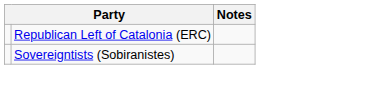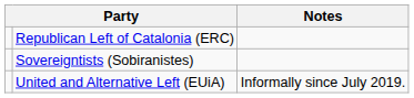 <table class="wikitable" style="text-align:left; font-size:95%;">
 <tr>
 <th colspan="2">Party</th>
 <th>Notes</th>
 </tr>
 <tr>
 <td width="1"></td>
 <td><a href='#'>Republican Left of Catalonia</a> (ERC)</td>
 <td></td>
 </tr>
 <tr>
 <td></td>
 <td><a href='#'>Sovereigntists</a> (Sobiranistes)</td>
 <td></td>
 </tr>
+<tr>
+<td></td>
+<td><a href='#'>United and Alternative Left</a> (EUiA)</td>
+<td>Informally since July 2019.</td>
+</tr>
 </table>
